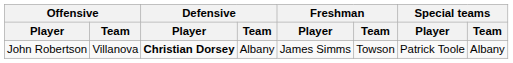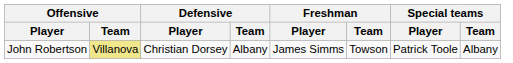 <table class="wikitable" border="1">
 <tr>
 <th colspan="2">Offensive</th>
 <th colspan="2">Defensive</th>
 <th colspan="2">Freshman</th>
 <th colspan="2">Special teams</th>
 </tr>
 <tr>
 <th>Player</th>
 <th>Team</th>
 <th>Player</th>
 <th>Team</th>
 <th>Player</th>
 <th>Team</th>
 <th>Player</th>
 <th>Team</th>
 </tr>
 <tr>
 <td>John Robertson</td>
-<td>Villanova</td>
-<td><strong>Christian Dorsey</strong></td>
+<td style="background: khaki;">Villanova</td>
+<td>Christian Dorsey</td>
 <td>Albany</td>
 <td>James Simms</td>
 <td>Towson</td>
 <td>Patrick Toole</td>
 <td>Albany</td>
 </tr>
 </table>
